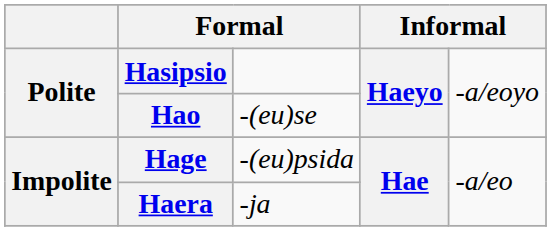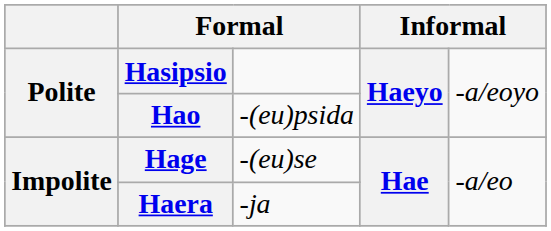 <table class="wikitable">
 <tr>
 <th></th>
 <th colspan="2">Formal</th>
 <th colspan="2">Informal</th>
 </tr>
 <tr>
 <th rowspan="2">Polite</th>
 <th><a href='#'>Hasipsio</a></th>
 <td></td>
 <th rowspan="2"><a href='#'>Haeyo</a></th>
 <td rowspan="2"> <em>-a/eoyo</em></td>
 </tr>
 <tr>
 <th><a href='#'>Hao</a></th>
-<td> <em>-(eu)se</em></td>
+<td> <em>-(eu)psida</em></td>
 </tr>
 <tr>
 <th rowspan="2">Impolite</th>
 <th><a href='#'>Hage</a></th>
-<td> <em>-(eu)psida</em></td>
+<td> <em>-(eu)se</em></td>
 <th rowspan="2"><a href='#'>Hae</a></th>
 <td rowspan="2"> <em>-a/eo</em></td>
 </tr>
 <tr>
 <th><a href='#'>Haera</a></th>
 <td> <em>-ja</em></td>
 </tr>
 </table>
